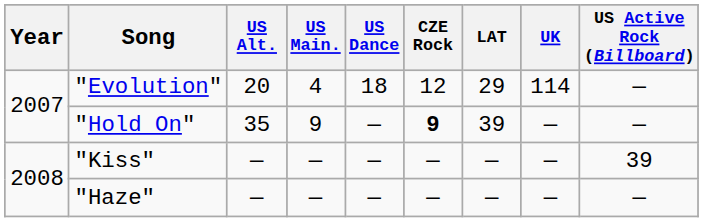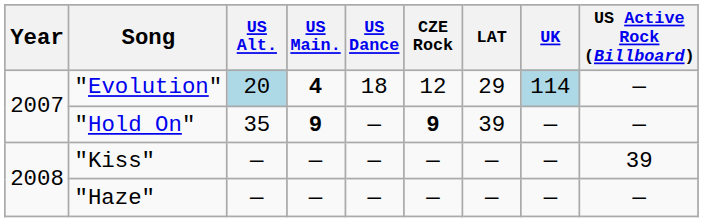 <table class="wikitable">
 <tr>
 <th>Year</th>
 <th>Song</th>
 <th style="width:3em;font-size:75%"><a href='#'>US<br>Alt.</a><br></th>
 <th style="width:3em;font-size:75%"><a href='#'>US<br>Main.</a></th>
 <th style="width:3em;font-size:75%"><a href='#'>US<br>Dance</a><br></th>
 <th style="width:3em;font-size:75%">CZE Rock<br></th>
 <th style="width:3em;font-size:75%">LAT<br></th>
 <th style="width:3em;font-size:75%"><a href='#'>UK</a><br></th>
 <th style="width:3em;font-size:75%">US <a href='#'>Active Rock</a> (<em><a href='#'>Billboard</a></em>)</th>
 </tr>
 <tr>
 <td rowspan="2">2007</td>
 <td>"<a href='#'>Evolution</a>"</td>
-<td align="center">20</td>
-<td align="center">4</td>
+<td align="center" style="background: lightblue;">20</td>
+<td align="center"><strong>4</strong></td>
 <td align="center">18</td>
 <td align="center">12</td>
 <td align="center">29</td>
-<td align="center">114</td>
+<td align="center" style="background: lightblue;">114</td>
 <td align="center">—</td>
 </tr>
 <tr>
 <td>"<a href='#'>Hold On</a>"</td>
 <td align="center">35</td>
-<td align="center">9</td>
+<td align="center"><strong>9</strong></td>
 <td align="center">—</td>
 <td align="center"><strong>9</strong></td>
 <td align="center">39</td>
 <td align="center">—</td>
 <td align="center">—</td>
 </tr>
 <tr>
 <td rowspan="2">2008</td>
 <td>"Kiss"</td>
 <td align="center">—</td>
 <td align="center">—</td>
 <td align="center">—</td>
 <td align="center">—</td>
 <td align="center">—</td>
 <td align="center">—</td>
 <td align="center">39</td>
 </tr>
 <tr>
 <td>"Haze"</td>
 <td align="center">—</td>
 <td align="center">—</td>
 <td align="center">—</td>
 <td align="center">—</td>
 <td align="center">—</td>
 <td align="center">—</td>
 <td align="center">—</td>
 </tr>
 </table>
